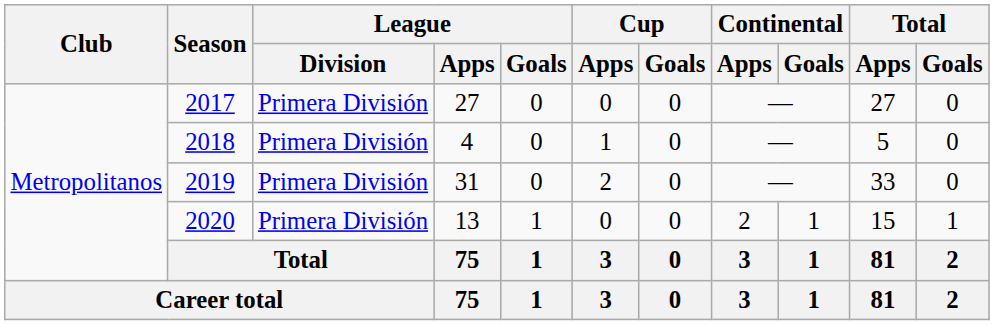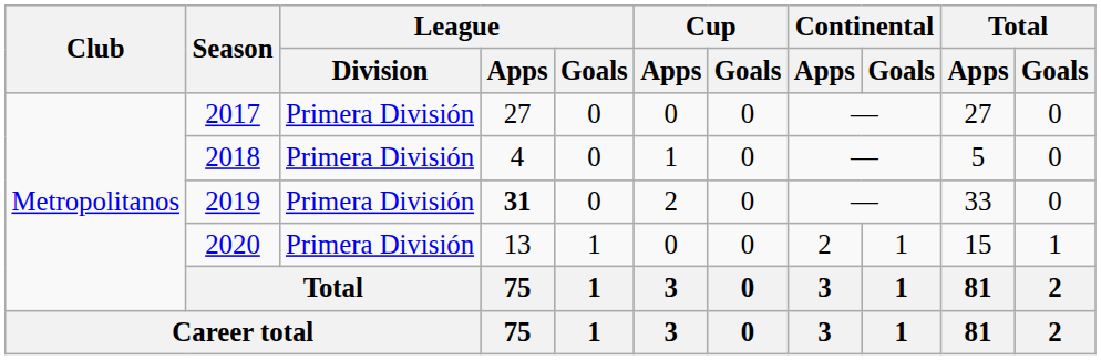 <table class=wikitable style=text-align:center>
 <tr>
 <th rowspan=2>Club</th>
 <th rowspan=2>Season</th>
 <th colspan=3>League</th>
 <th colspan=2>Cup</th>
 <th colspan=2>Continental</th>
 <th colspan=2>Total</th>
 </tr>
 <tr>
 <th>Division</th>
 <th>Apps</th>
 <th>Goals</th>
 <th>Apps</th>
 <th>Goals</th>
 <th>Apps</th>
 <th>Goals</th>
 <th>Apps</th>
 <th>Goals</th>
 </tr>
 <tr>
 <td rowspan=5><a href='#'>Metropolitanos</a></td>
 <td><a href='#'>2017</a></td>
 <td><a href='#'>Primera División</a></td>
 <td>27</td>
 <td>0</td>
 <td>0</td>
 <td>0</td>
 <td colspan=2>—</td>
 <td>27</td>
 <td>0</td>
 </tr>
 <tr>
 <td><a href='#'>2018</a></td>
 <td><a href='#'>Primera División</a></td>
 <td>4</td>
 <td>0</td>
 <td>1</td>
 <td>0</td>
 <td colspan=2>—</td>
 <td>5</td>
 <td>0</td>
 </tr>
 <tr>
 <td><a href='#'>2019</a></td>
 <td><a href='#'>Primera División</a></td>
-<td>31</td>
+<td><strong>31</strong></td>
 <td>0</td>
 <td>2</td>
 <td>0</td>
 <td colspan=2>—</td>
 <td>33</td>
 <td>0</td>
 </tr>
 <tr>
 <td><a href='#'>2020</a></td>
 <td><a href='#'>Primera División</a></td>
 <td>13</td>
 <td>1</td>
 <td>0</td>
 <td>0</td>
 <td>2</td>
 <td>1</td>
 <td>15</td>
 <td>1</td>
 </tr>
 <tr>
 <th colspan=2>Total</th>
 <th>75</th>
 <th>1</th>
 <th>3</th>
 <th>0</th>
 <th>3</th>
 <th>1</th>
 <th>81</th>
 <th>2</th>
 </tr>
 <tr>
 <th colspan=3>Career total</th>
 <th>75</th>
 <th>1</th>
 <th>3</th>
 <th>0</th>
 <th>3</th>
 <th>1</th>
 <th>81</th>
 <th>2</th>
 </tr>
 </table>
